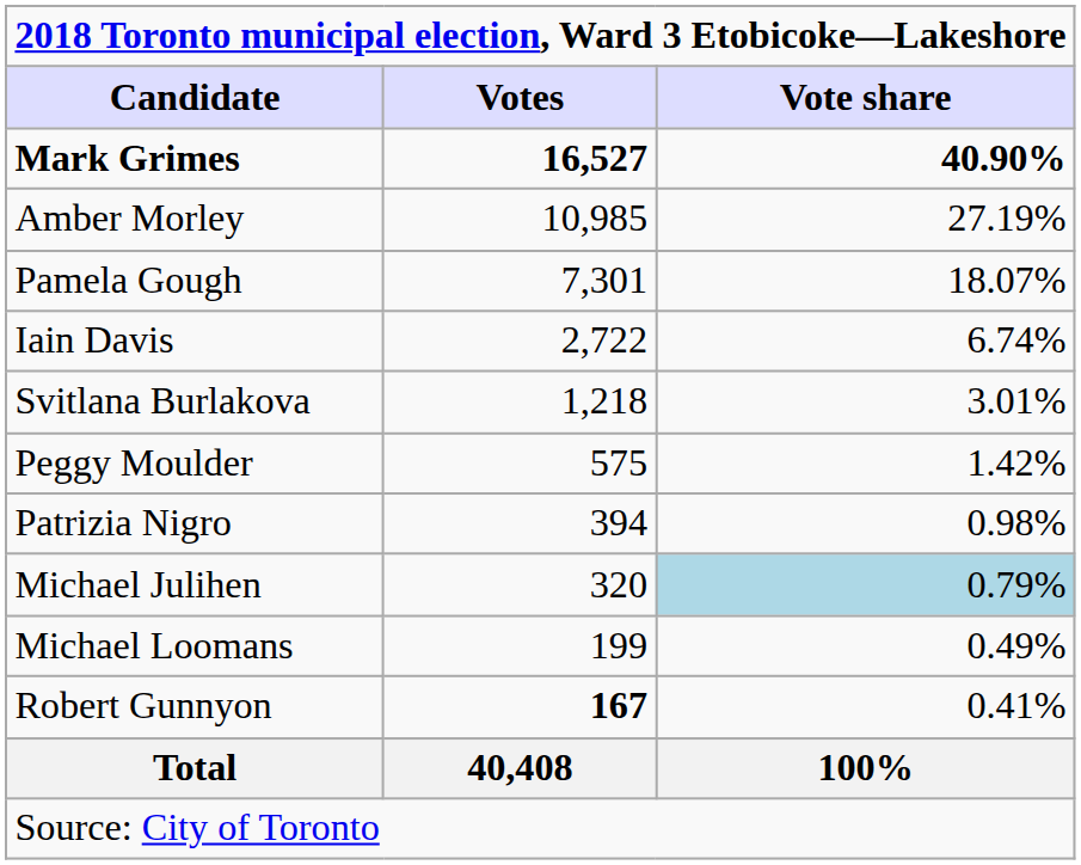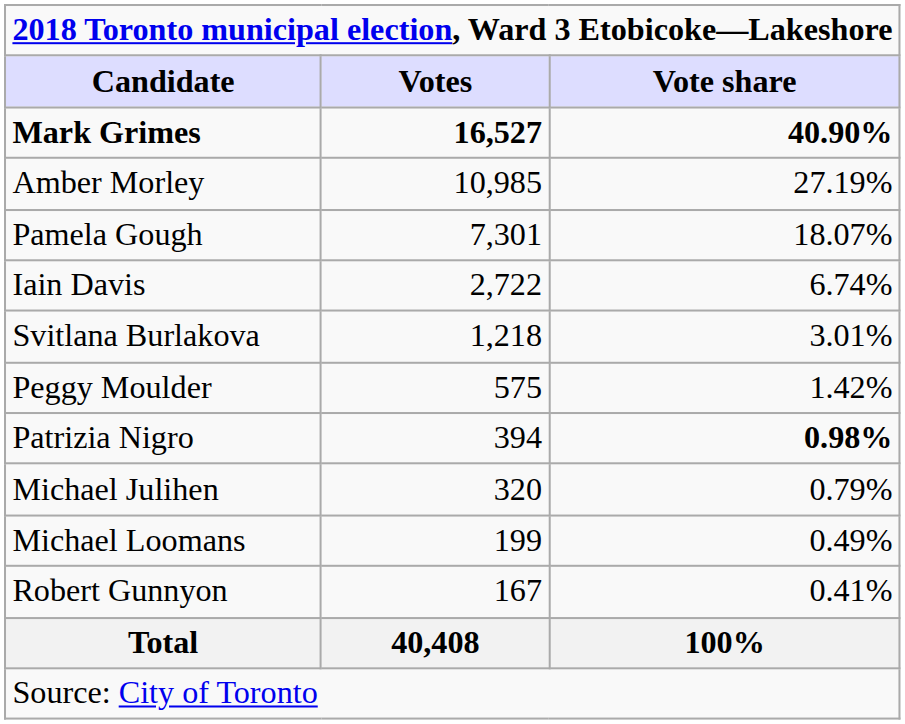 <table class="wikitable plainrowheaders">
 <tr>
 <td colspan="3"><strong><a href='#'>2018 Toronto municipal election</a>, Ward 3 Etobicoke—Lakeshore</strong></td>
 </tr>
 <tr>
 <th scope="col" style="background:#ddf; width:150px;">Candidate</th>
 <th scope="col" style="background:#ddf;">Votes</th>
 <th scope="col" style="background:#ddf;">Vote share</th>
 </tr>
 <tr>
 <td scope="row"><strong>Mark Grimes</strong></td>
 <td align="right"><strong>16,527</strong></td>
 <td align="right"><strong>40.90%</strong></td>
 </tr>
 <tr>
 <td scope="row">Amber Morley</td>
 <td align="right">10,985</td>
 <td align="right">27.19%</td>
 </tr>
 <tr>
 <td scope="row">Pamela Gough</td>
 <td align="right">7,301</td>
 <td align="right">18.07%</td>
 </tr>
 <tr>
 <td scope="row">Iain Davis</td>
 <td align="right">2,722</td>
 <td align="right">6.74%</td>
 </tr>
 <tr>
 <td>Svitlana Burlakova</td>
 <td align="right">1,218</td>
 <td align="right">3.01%</td>
 </tr>
 <tr>
 <td>Peggy Moulder</td>
 <td align="right">575</td>
 <td align="right">1.42%</td>
 </tr>
 <tr>
 <td>Patrizia Nigro</td>
 <td align="right">394</td>
-<td align="right">0.98%</td>
+<td align="right"><strong>0.98%</strong></td>
 </tr>
 <tr>
 <td>Michael Julihen</td>
 <td align="right">320</td>
-<td align="right" style="background: lightblue;">0.79%</td>
+<td align="right">0.79%</td>
 </tr>
 <tr>
 <td>Michael Loomans</td>
 <td align="right">199</td>
 <td align="right">0.49%</td>
 </tr>
 <tr>
 <td>Robert Gunnyon</td>
-<td align="right"><strong>167</strong></td>
+<td align="right">167</td>
 <td align="right">0.41%</td>
 </tr>
 <tr>
 <th scope="row"><strong>Total</strong></th>
 <th align="right">40,408</th>
 <th align="right">100%</th>
 </tr>
 <tr>
 <td colspan="3">Source: <a href='#'>City of Toronto</a></td>
 </tr>
 </table>
